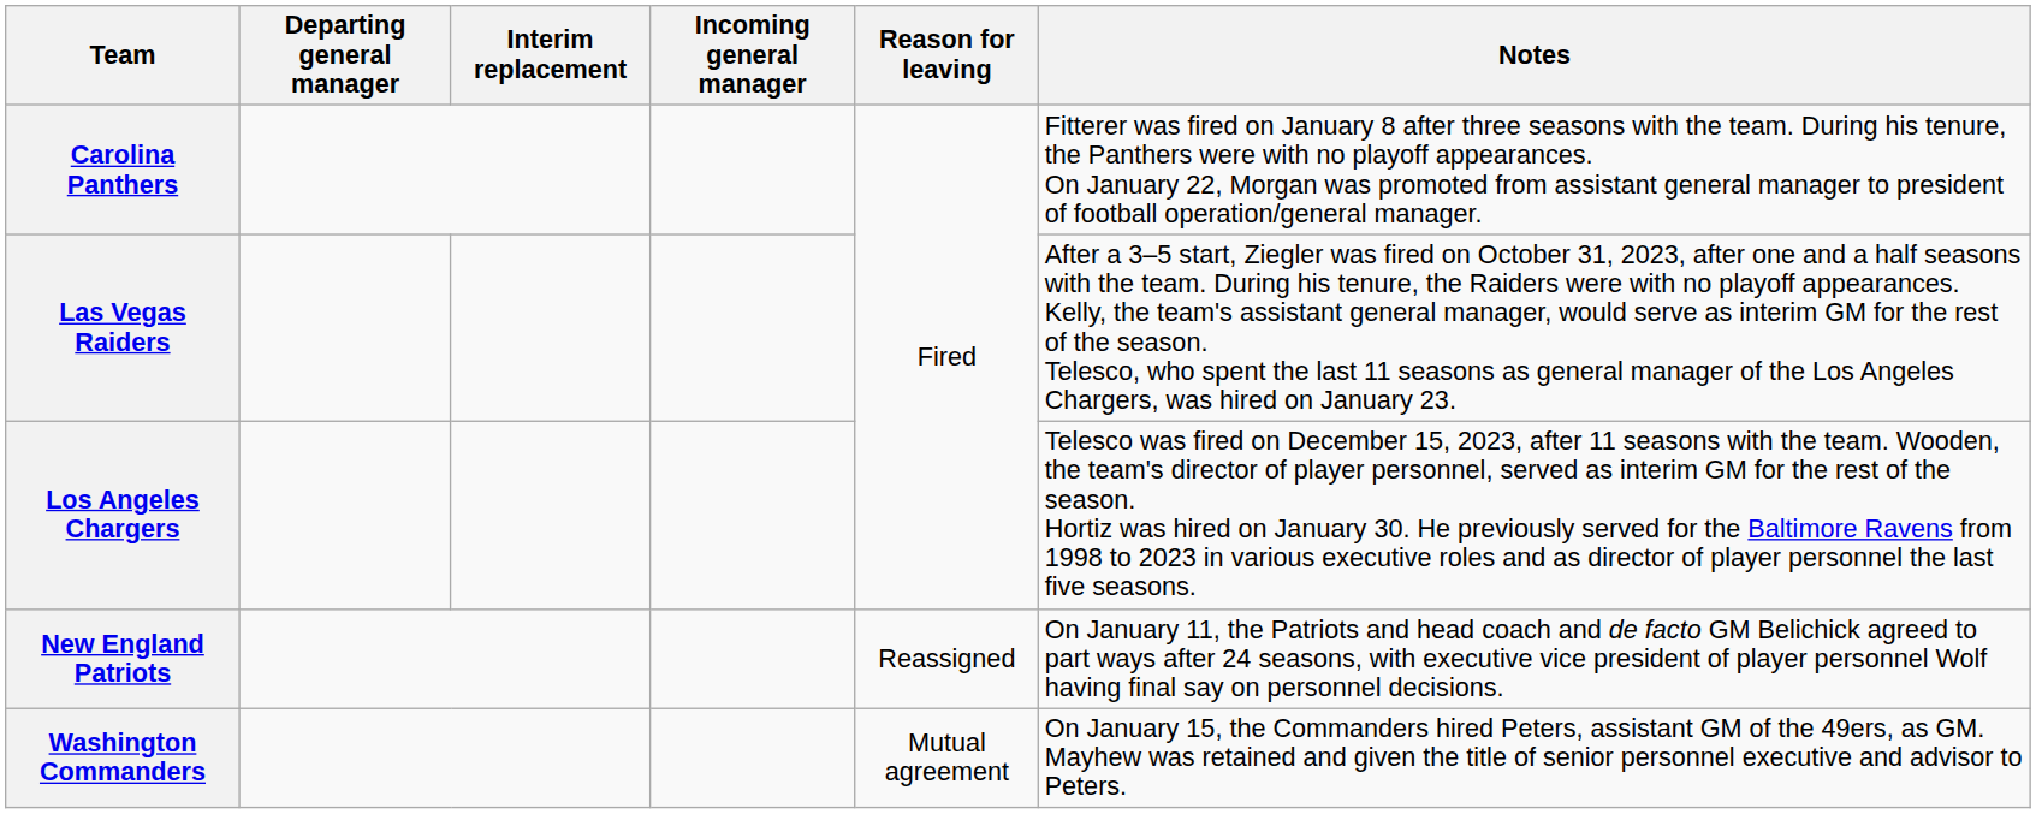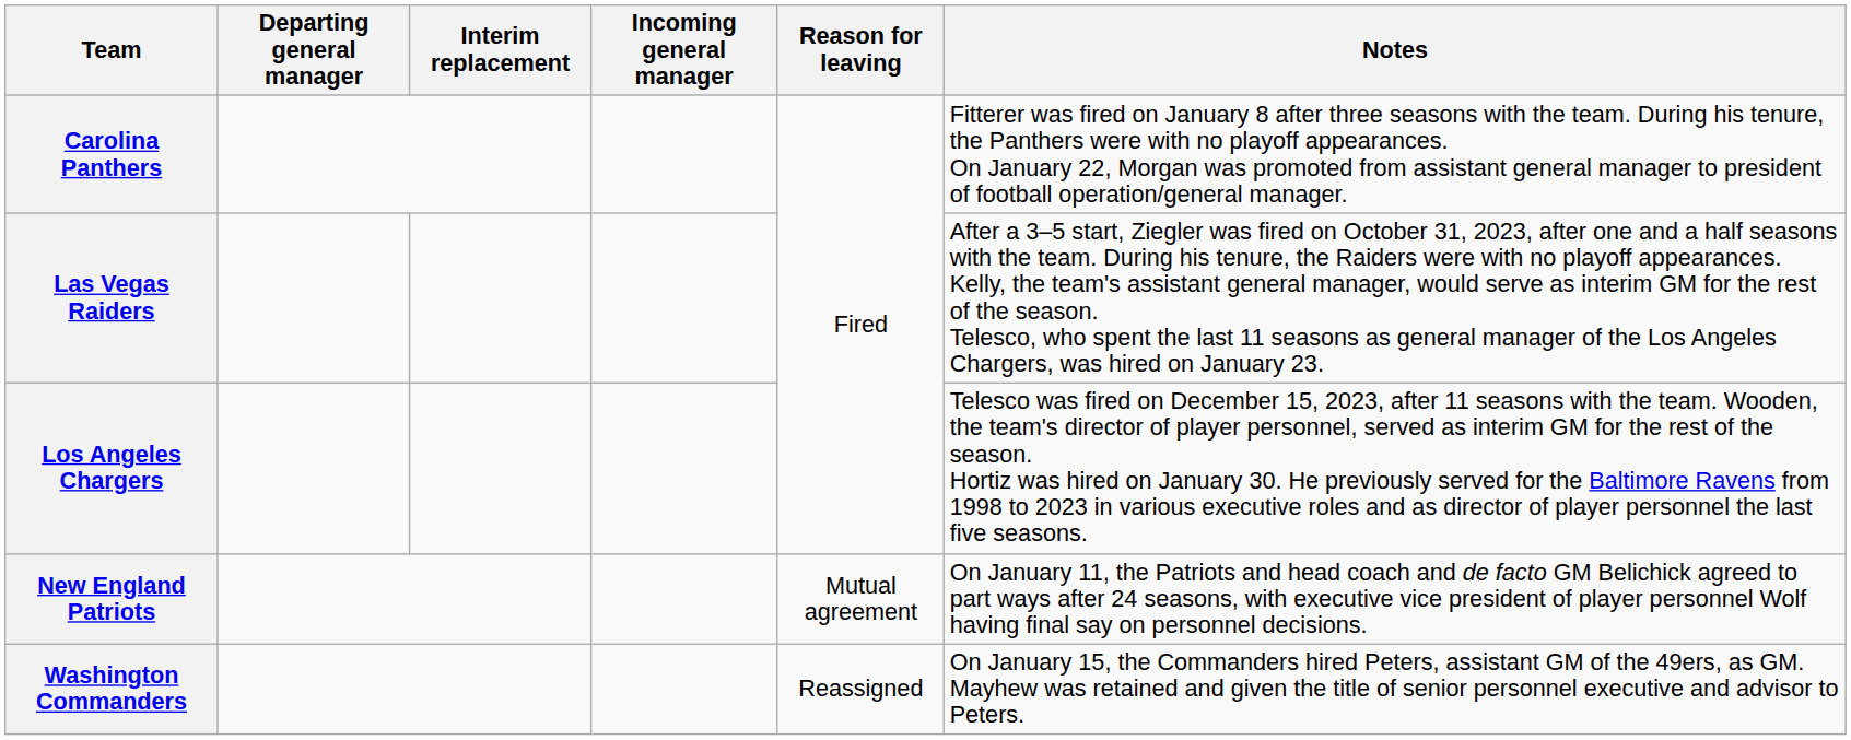 <table class="wikitable sortable plainrowheaders">
 <tr>
 <th>Team</th>
 <th>Departing general manager</th>
 <th>Interim replacement</th>
 <th>Incoming general manager</th>
 <th>Reason for leaving</th>
 <th>Notes</th>
 </tr>
 <tr>
 <th scope="row" style="text-align:center;"><a href='#'>Carolina Panthers</a></th>
 <td style="text-align:center;" colspan="2"></td>
 <td style="text-align:center;"></td>
 <td style="text-align:center;" rowspan="3">Fired</td>
 <td>Fitterer was fired on January 8 after three seasons with the team. During his tenure, the Panthers were  with no playoff appearances.<br>On January 22, Morgan was promoted from assistant general manager to president of football operation/general manager.</td>
 </tr>
 <tr>
 <th scope="row" style="text-align:center;"><a href='#'>Las Vegas Raiders</a></th>
 <td style="text-align:center;"></td>
 <td style="text-align:center;"></td>
 <td style="text-align:center;"></td>
 <td>After a 3–5 start, Ziegler was fired on October 31, 2023, after one and a half seasons with the team. During his tenure, the Raiders were  with no playoff appearances.<br>Kelly, the team's assistant general manager, would serve as interim GM for the rest of the season.<br>Telesco, who spent the last 11 seasons as general manager of the Los Angeles Chargers, was hired on January 23.</td>
 </tr>
 <tr>
 <th scope="row" style="text-align:center;"><a href='#'>Los Angeles Chargers</a></th>
 <td style="text-align:center;"></td>
 <td style="text-align:center;"></td>
 <td style="text-align:center;"></td>
 <td>Telesco was fired on December 15, 2023, after 11 seasons with the team. Wooden, the team's director of player personnel, served as interim GM for the rest of the season.<br>Hortiz was hired on January 30. He previously served for the <a href='#'>Baltimore Ravens</a> from 1998 to 2023 in various executive roles and as director of player personnel the last five seasons.</td>
 </tr>
 <tr>
 <th scope="row" style="text-align:center;"><a href='#'>New England Patriots</a></th>
 <td style="text-align:center;" colspan="2"></td>
 <td style="text-align:center;"></td>
-<td style="text-align:center;">Reassigned</td>
+<td style="text-align:center;">Mutual agreement</td>
 <td>On January 11, the Patriots and head coach and <em>de facto</em> GM Belichick agreed to part ways after 24 seasons, with executive vice president of player personnel Wolf having final say on personnel decisions.</td>
 </tr>
 <tr>
 <th scope="row" style="text-align:center;"><a href='#'>Washington Commanders</a></th>
 <td style="text-align:center;" colspan="2"></td>
 <td style="text-align:center;"></td>
-<td style="text-align:center;">Mutual agreement</td>
+<td style="text-align:center;">Reassigned</td>
 <td>On January 15, the Commanders hired Peters, assistant GM of the 49ers, as GM. Mayhew was retained and given the title of senior personnel executive and advisor to Peters.</td>
 </tr>
 </table>
